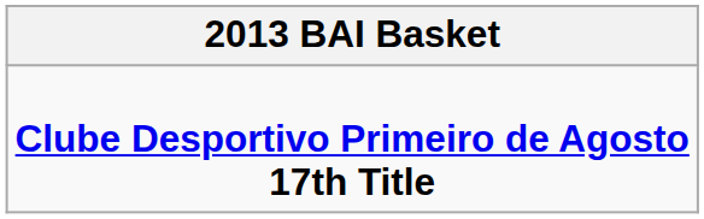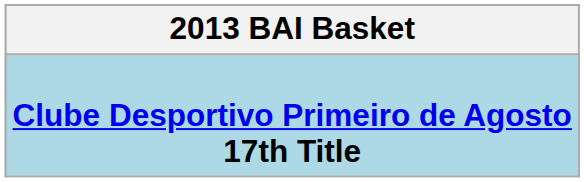 <table class=wikitable style="text-align:center; margin:auto">
 <tr>
 <th>2013 BAI Basket</th>
 </tr>
 <tr>
-<td><br><strong><a href='#'>Clube Desportivo Primeiro de Agosto</a></strong><br><strong>17th Title</strong></td>
+<td style="background: lightblue;"><br><strong><a href='#'>Clube Desportivo Primeiro de Agosto</a></strong><br><strong>17th Title</strong></td>
 </tr>
 </table>
